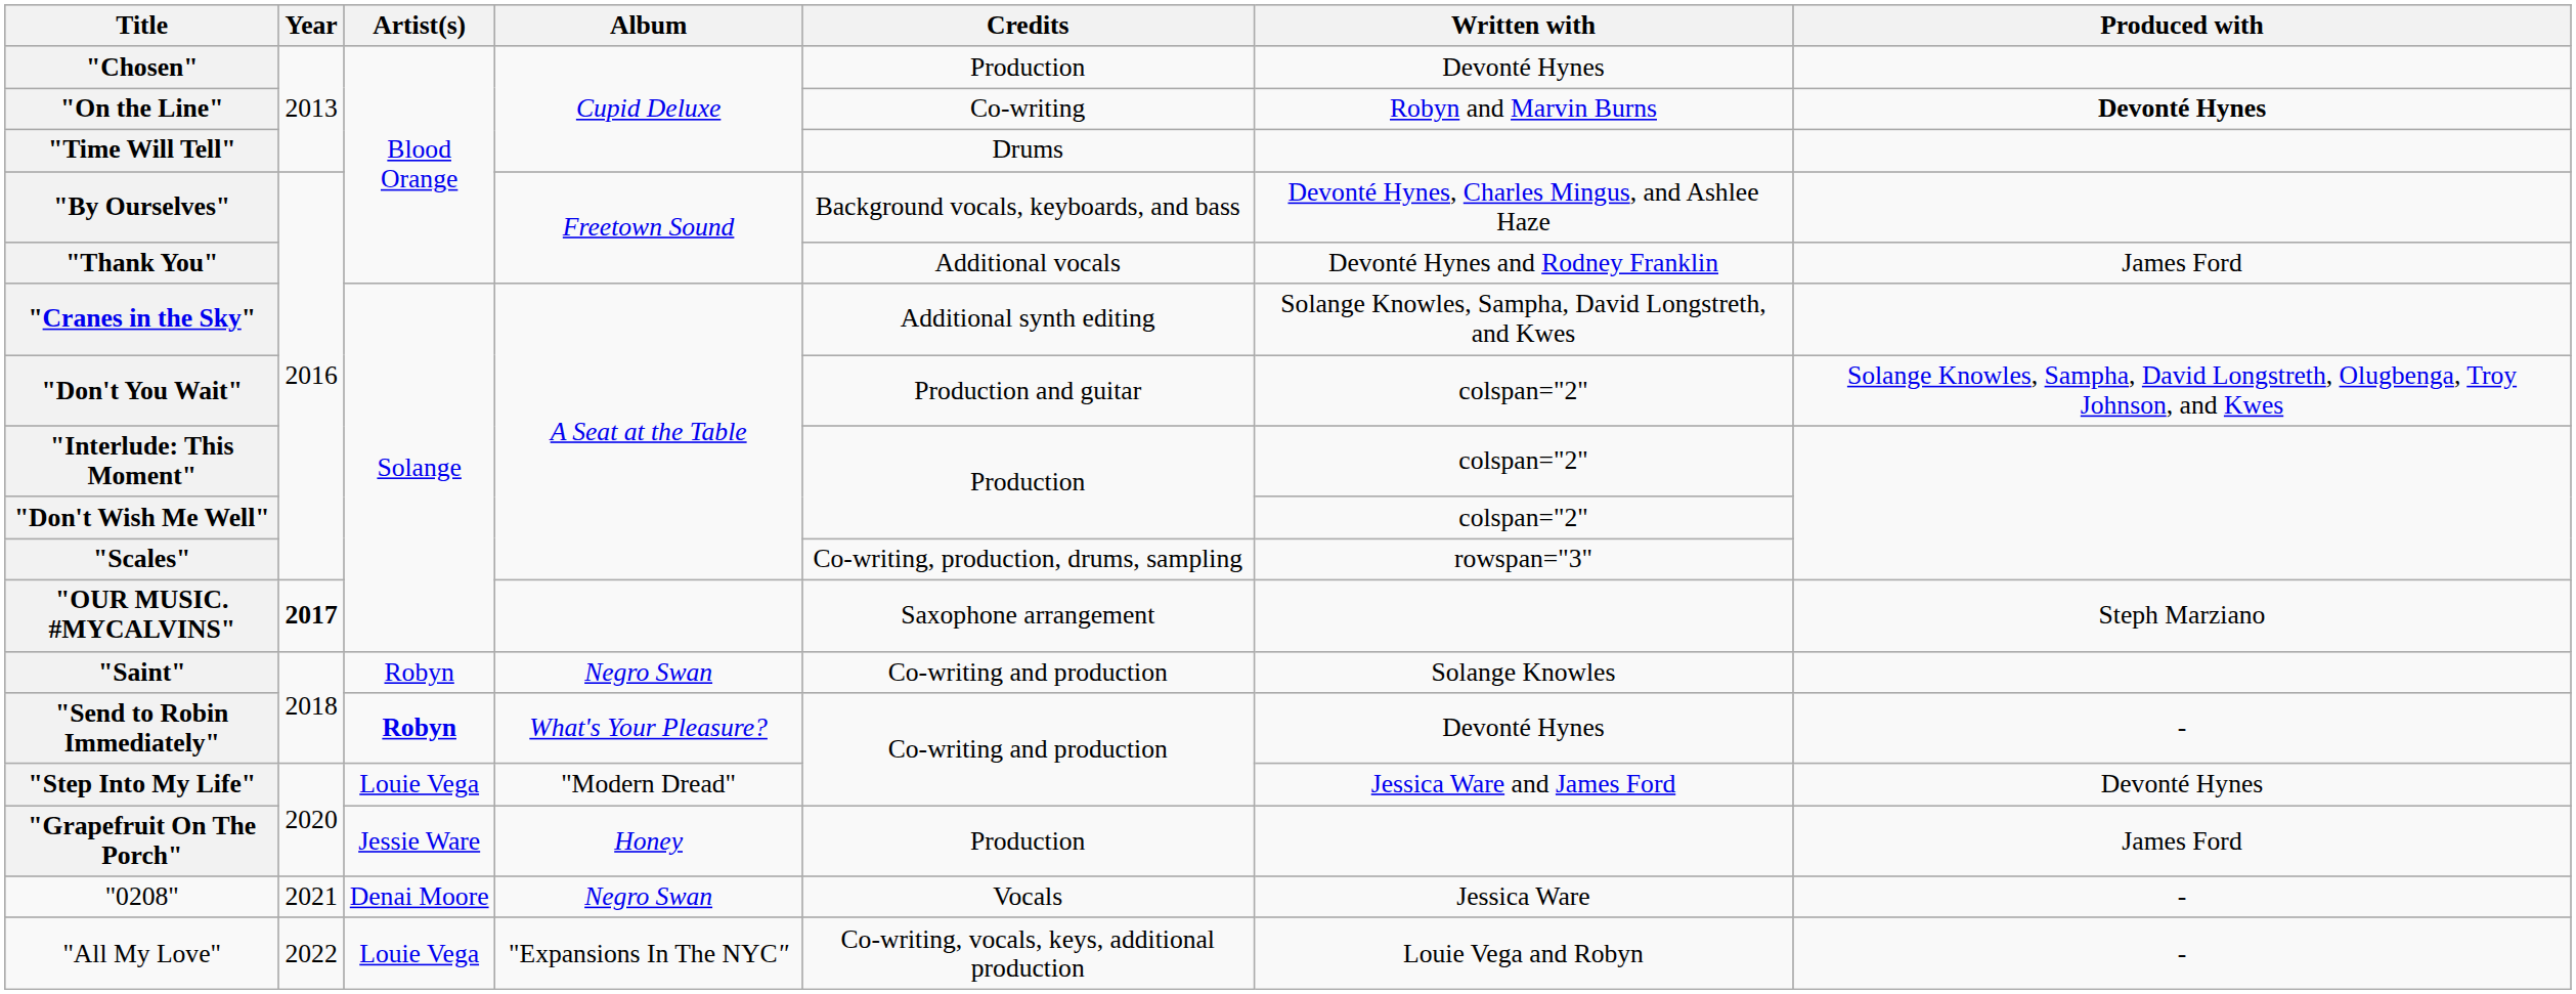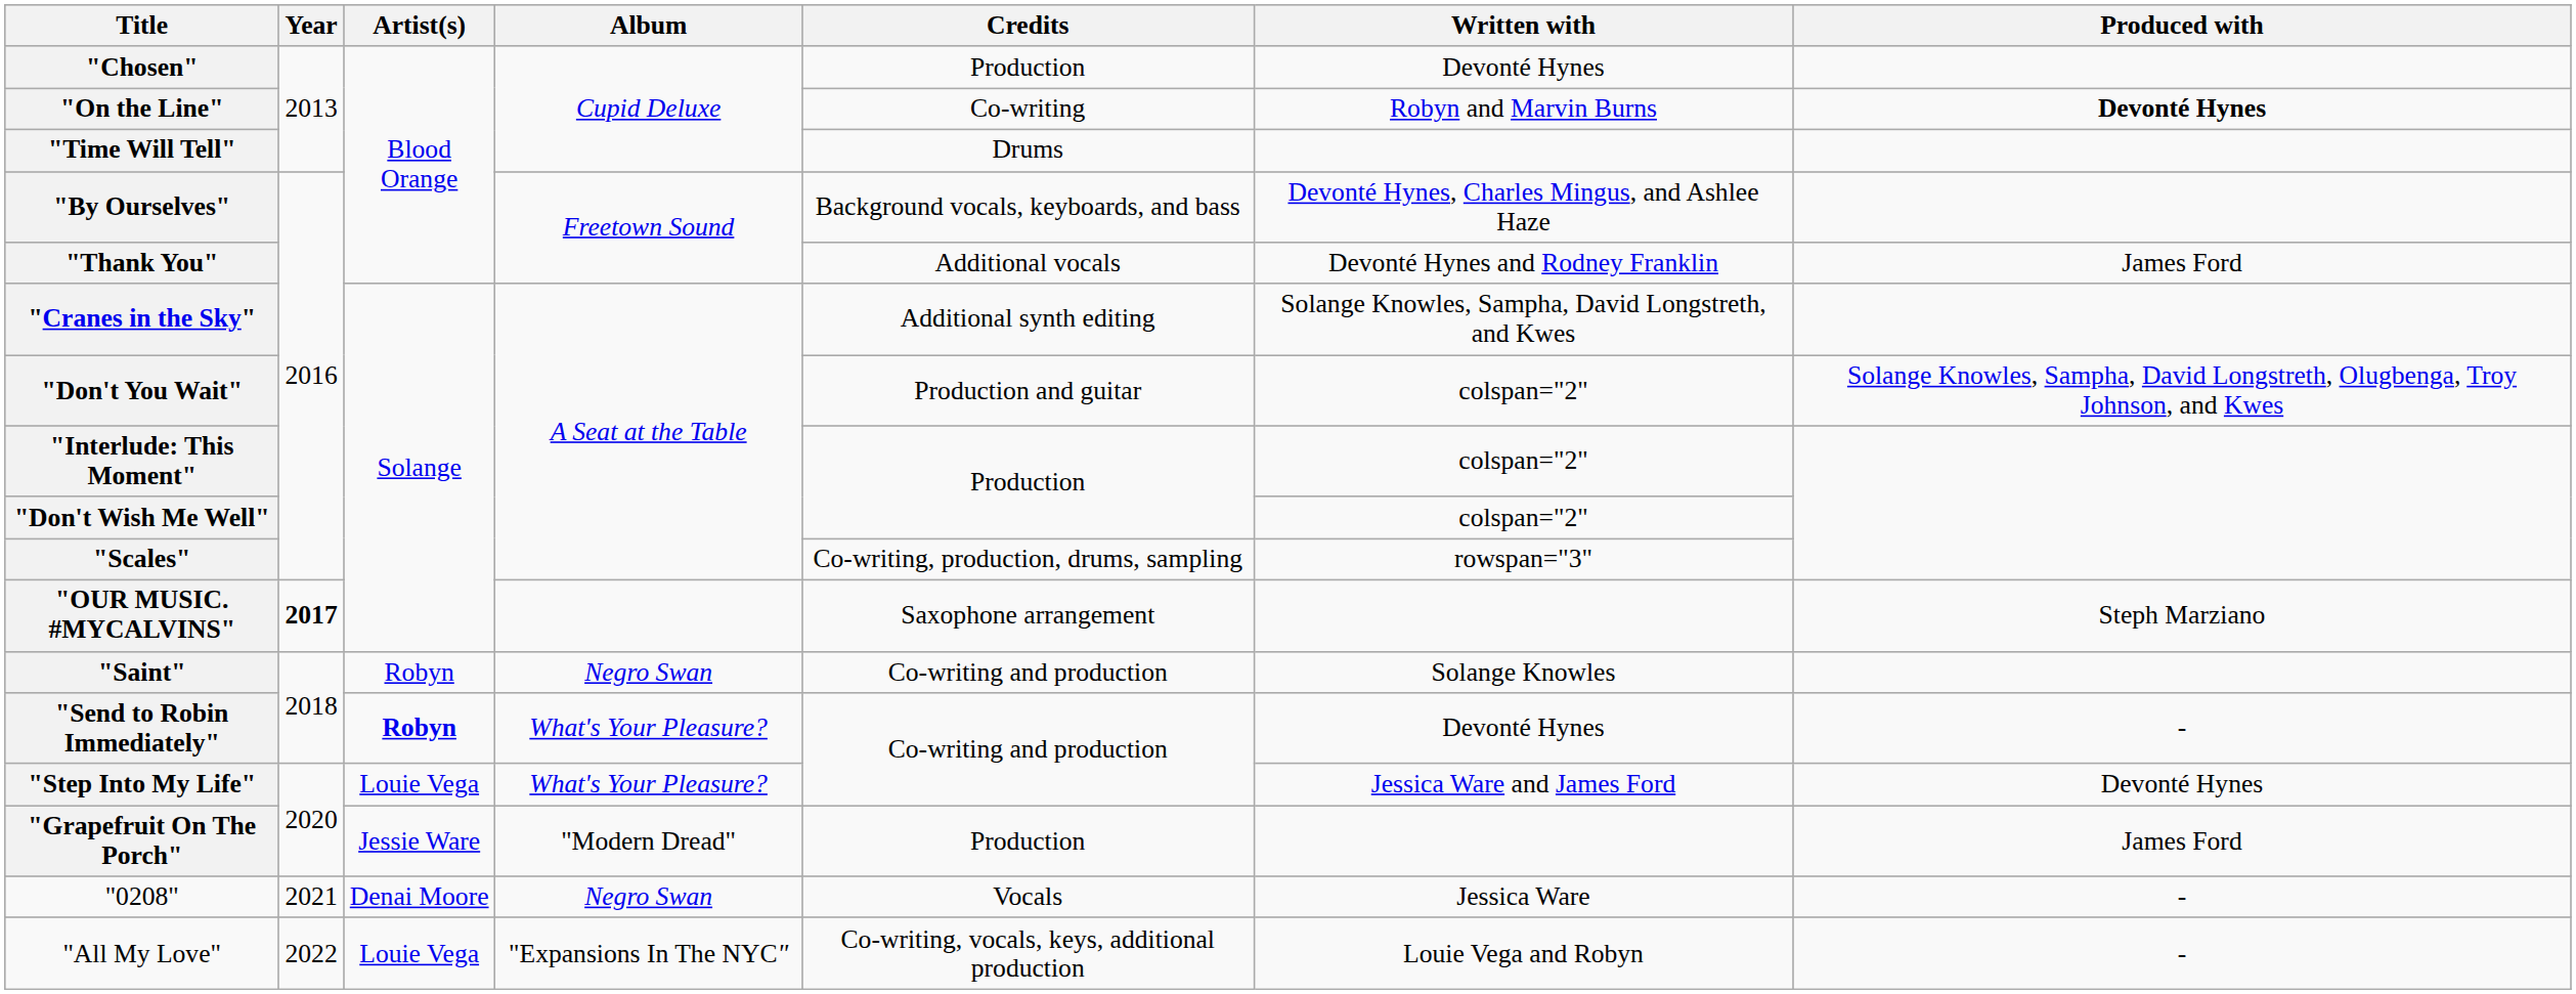 <table class="wikitable plainrowheaders" style="text-align:center;">
 <tr>
 <th scope="col" style="width:160px;">Title</th>
 <th scope="col">Year</th>
 <th scope="col">Artist(s)</th>
 <th scope="col" style="width:180px;">Album</th>
 <th scope="col">Credits</th>
 <th scope="col">Written with</th>
 <th scope="col">Produced with</th>
 </tr>
 <tr>
 <th scope="row">"Chosen"</th>
 <td rowspan="3">2013</td>
 <td rowspan="5"><a href='#'>Blood Orange</a></td>
 <td rowspan="3"><em><a href='#'>Cupid Deluxe</a></em></td>
 <td>Production</td>
 <td>Devonté Hynes</td>
 <td></td>
 </tr>
 <tr>
 <th scope="row">"On the Line"</th>
 <td>Co-writing</td>
 <td><a href='#'>Robyn</a> and <a href='#'>Marvin Burns</a></td>
 <td><strong>Devonté Hynes</strong></td>
 </tr>
 <tr>
 <th scope="row">"Time Will Tell"</th>
 <td>Drums</td>
 <td></td>
 <td></td>
 </tr>
 <tr>
 <th scope="row">"By Ourselves"</th>
 <td rowspan="7">2016</td>
 <td rowspan="2"><em><a href='#'>Freetown Sound</a></em></td>
 <td>Background vocals, keyboards, and bass</td>
 <td><a href='#'>Devonté Hynes</a>, <a href='#'>Charles Mingus</a>, and Ashlee Haze</td>
 <td></td>
 </tr>
 <tr>
 <th scope="row">"Thank You"</th>
 <td>Additional vocals</td>
 <td>Devonté Hynes and <a href='#'>Rodney Franklin</a></td>
 <td>James Ford</td>
 </tr>
 <tr>
 <th scope="row">"<a href='#'>Cranes in the Sky</a>"</th>
 <td rowspan="6"><a href='#'>Solange</a></td>
 <td rowspan="5"><em><a href='#'>A Seat at the Table</a></em></td>
 <td>Additional synth editing</td>
 <td>Solange Knowles, Sampha, David Longstreth, and Kwes</td>
 </tr>
 <tr>
 <th scope="row">"Don't You Wait"</th>
 <td>Production and guitar</td>
 <td>colspan="2" </td>
 <td><a href='#'>Solange Knowles</a>, <a href='#'>Sampha</a>, <a href='#'>David Longstreth</a>, <a href='#'>Olugbenga</a>, <a href='#'>Troy Johnson</a>, and <a href='#'>Kwes</a></td>
 </tr>
 <tr>
 <th scope="row">"Interlude: This Moment"</th>
 <td rowspan="2">Production</td>
 <td>colspan="2" </td>
 </tr>
 <tr>
 <th scope="row">"Don't Wish Me Well"</th>
 <td>colspan="2" </td>
 </tr>
 <tr>
 <th scope="row">"Scales"<br></th>
 <td>Co-writing, production, drums, sampling</td>
 <td>rowspan="3" </td>
 </tr>
 <tr>
 <th scope="row">"OUR MUSIC. #MYCALVINS"<br></th>
 <td><strong>2017</strong></td>
 <td></td>
 <td>Saxophone arrangement</td>
 <td></td>
 <td>Steph Marziano</td>
 </tr>
 <tr>
 <th scope="row">"Saint"</th>
 <td rowspan="2">2018</td>
 <td><a href='#'>Robyn</a></td>
 <td><em><a href='#'>Negro Swan</a></em></td>
 <td>Co-writing and production</td>
 <td>Solange Knowles</td>
 </tr>
 <tr>
 <th scope="row">"Send to Robin Immediately"</th>
 <td><strong><a href='#'>Robyn</a></strong></td>
 <td><em><a href='#'>What's Your Pleasure?</a></em></td>
 <td rowspan="2">Co-writing and production</td>
 <td>Devonté Hynes</td>
 <td>-</td>
 </tr>
 <tr>
 <th scope="row">"Step Into My Life"</th>
 <td rowspan="2">2020</td>
 <td><a href='#'>Louie Vega</a></td>
-<td>"Modern Dread"</td>
+<td><em><a href='#'>What's Your Pleasure?</a></em></td>
 <td><a href='#'>Jessica Ware</a> and <a href='#'>James Ford</a></td>
 <td>Devonté Hynes</td>
 </tr>
 <tr>
 <th scope="row">"Grapefruit On The Porch"</th>
 <td><a href='#'>Jessie Ware</a></td>
-<td><em><a href='#'>Honey</a></em></td>
+<td>"Modern Dread"</td>
 <td>Production</td>
 <td></td>
 <td>James Ford</td>
 </tr>
 <tr>
 <td>"0208"</td>
 <td>2021</td>
 <td><a href='#'>Denai Moore</a></td>
 <td><em><a href='#'>Negro Swan</a></em></td>
 <td>Vocals</td>
 <td>Jessica Ware</td>
 <td>-</td>
 </tr>
 <tr>
 <td>"All My Love"</td>
 <td>2022</td>
 <td><a href='#'>Louie Vega</a></td>
 <td>"Expansions In The NYC<em>"</em></td>
 <td>Co-writing, vocals, keys, additional production</td>
 <td>Louie Vega and Robyn</td>
 <td>-</td>
 </tr>
 </table>
